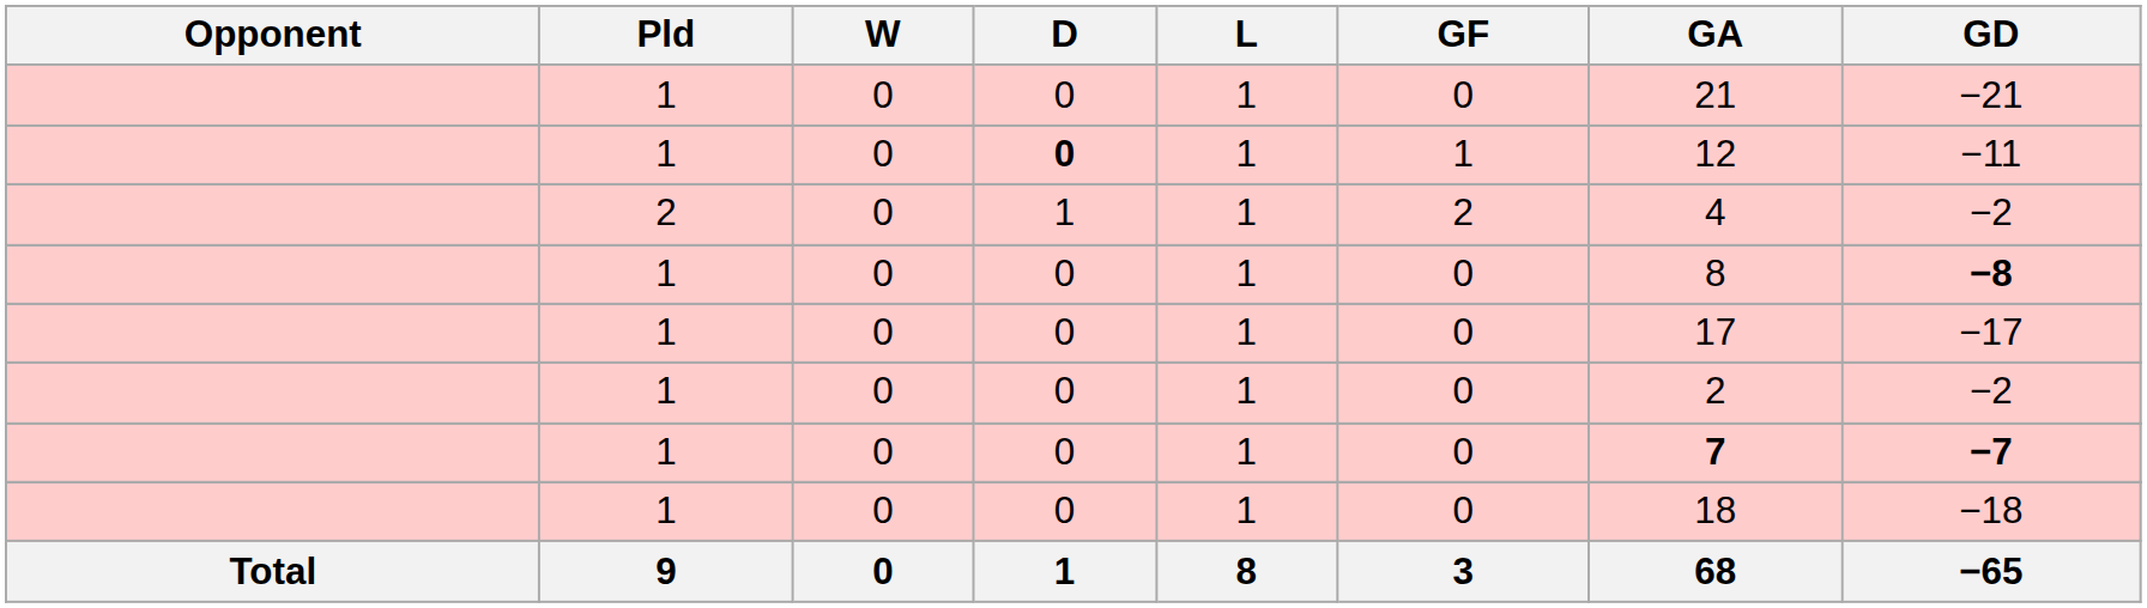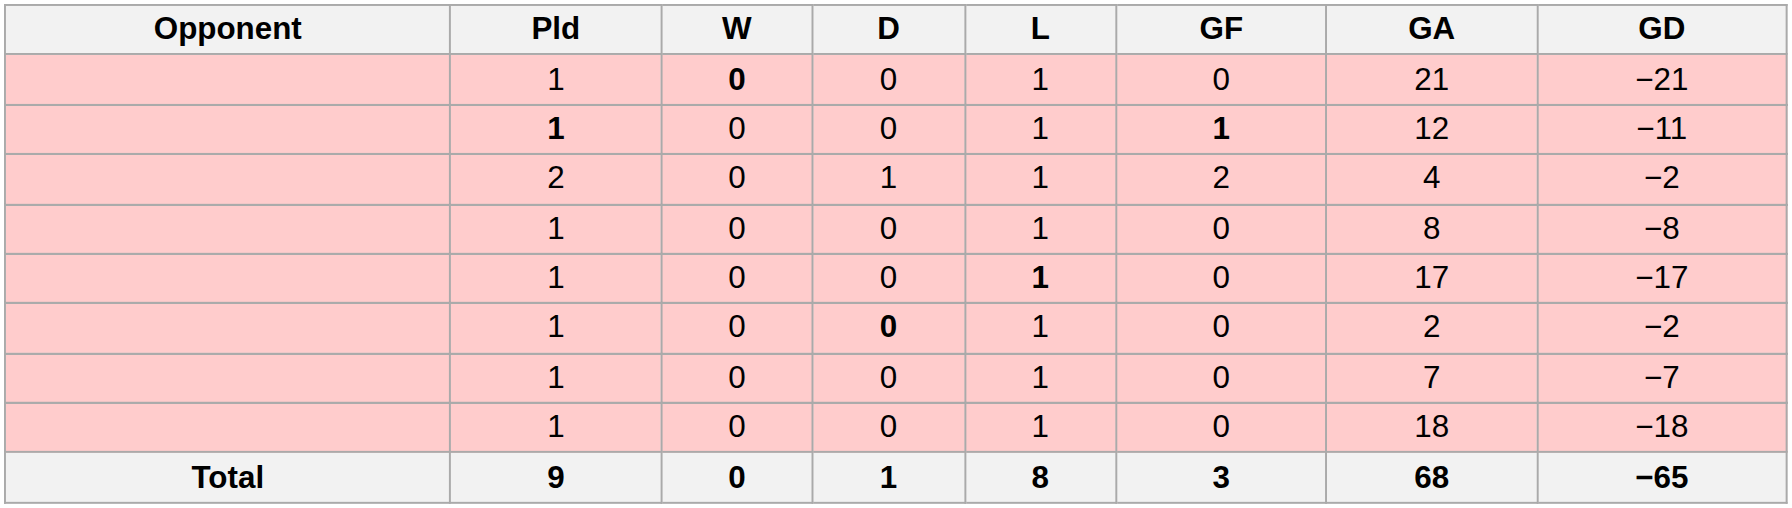 <table class="wikitable" style="text-align: center">
 <tr>
 <th width=220>Opponent<br></th>
 <th width=100>Pld<br></th>
 <th width=70>W<br></th>
 <th width=70>D<br></th>
 <th width=70>L<br></th>
 <th width=100>GF<br></th>
 <th width=100>GA<br></th>
 <th width=120>GD<br></th>
 </tr>
 <tr bgcolor="#FFCCCC">
 <td style="text-align:left;"></td>
 <td>1</td>
-<td>0</td>
+<td><strong>0</strong></td>
 <td>0</td>
 <td>1</td>
 <td>0</td>
 <td>21</td>
 <td>−21</td>
 </tr>
 <tr>
 </tr>
 <tr bgcolor="#FFCCCC">
 <td style="text-align:left;"></td>
+<td><strong>1</strong></td>
+<td>0</td>
+<td>0</td>
 <td>1</td>
-<td>0</td>
-<td><strong>0</strong></td>
-<td>1</td>
-<td>1</td>
+<td><strong>1</strong></td>
 <td>12</td>
 <td>−11</td>
 </tr>
 <tr>
 </tr>
 <tr bgcolor="#FFCCCC">
 <td style="text-align:left;"></td>
 <td>2</td>
 <td>0</td>
 <td>1</td>
 <td>1</td>
 <td>2</td>
 <td>4</td>
 <td>−2</td>
 </tr>
 <tr>
 </tr>
 <tr bgcolor="#FFCCCC">
 <td style="text-align:left;"></td>
 <td>1</td>
 <td>0</td>
 <td>0</td>
 <td>1</td>
 <td>0</td>
 <td>8</td>
-<td><strong>−8</strong></td>
+<td>−8</td>
 </tr>
 <tr>
 </tr>
 <tr bgcolor="#FFCCCC">
 <td style="text-align:left;"></td>
 <td>1</td>
 <td>0</td>
 <td>0</td>
-<td>1</td>
+<td><strong>1</strong></td>
 <td>0</td>
 <td>17</td>
 <td>−17</td>
 </tr>
 <tr>
 </tr>
 <tr bgcolor="#FFCCCC">
 <td style="text-align:left;"></td>
 <td>1</td>
 <td>0</td>
-<td>0</td>
+<td><strong>0</strong></td>
 <td>1</td>
 <td>0</td>
 <td>2</td>
 <td>−2</td>
 </tr>
 <tr>
 </tr>
 <tr bgcolor="#FFCCCC">
 <td style="text-align:left;"></td>
 <td>1</td>
 <td>0</td>
 <td>0</td>
 <td>1</td>
 <td>0</td>
-<td><strong>7</strong></td>
-<td><strong>−7</strong></td>
+<td>7</td>
+<td>−7</td>
 </tr>
 <tr>
 </tr>
 <tr bgcolor="#FFCCCC">
 <td style="text-align:left;"></td>
 <td>1</td>
 <td>0</td>
 <td>0</td>
 <td>1</td>
 <td>0</td>
 <td>18</td>
 <td>−18</td>
 </tr>
 <tr>
 <th>Total</th>
 <th>9</th>
 <th>0</th>
 <th>1</th>
 <th>8</th>
 <th>3</th>
 <th>68</th>
 <th>−65</th>
 </tr>
 </table>
